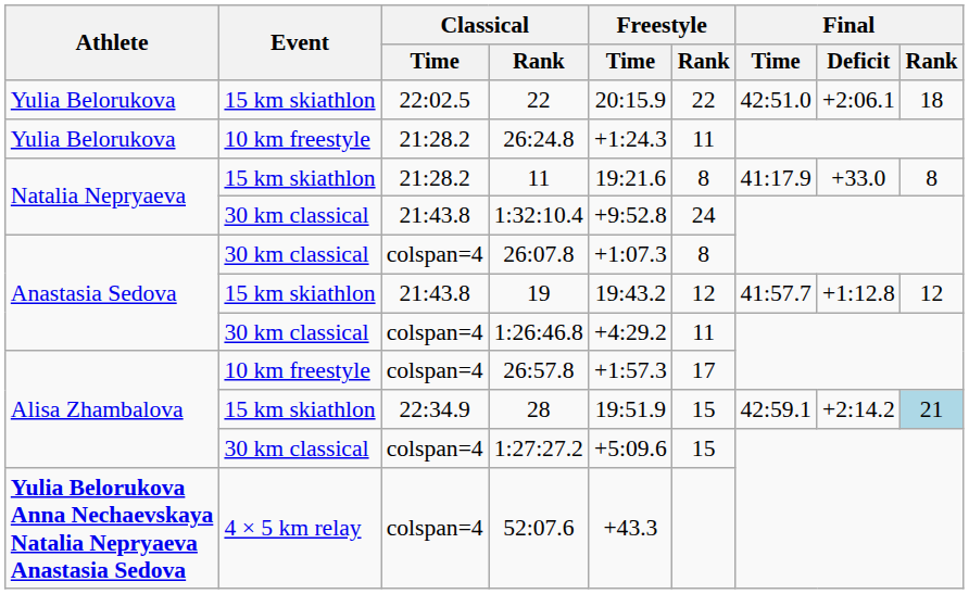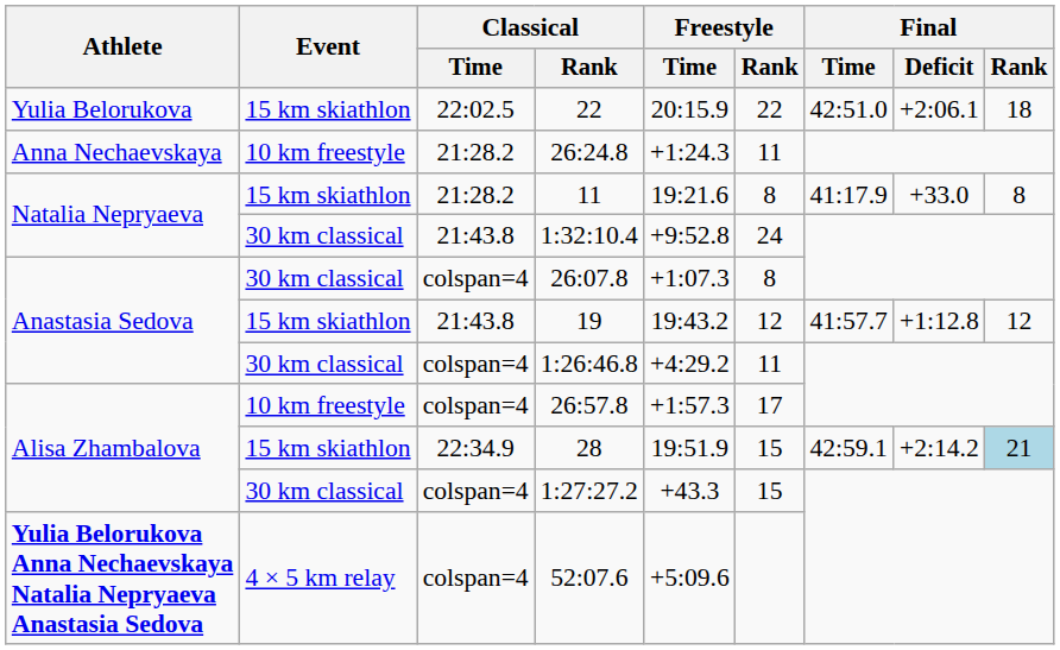 <table class="wikitable" style="font-size:90%">
 <tr>
 <th rowspan=2>Athlete</th>
 <th rowspan=2>Event</th>
 <th colspan=2>Classical</th>
 <th colspan=2>Freestyle</th>
 <th colspan=3>Final</th>
 </tr>
 <tr style="font-size: 95%">
 <th>Time</th>
 <th>Rank</th>
 <th>Time</th>
 <th>Rank</th>
 <th>Time</th>
 <th>Deficit</th>
 <th>Rank</th>
 </tr>
 <tr align=center>
 <td align=left><a href='#'>Yulia Belorukova</a></td>
 <td align=left><a href='#'>15 km skiathlon</a></td>
 <td>22:02.5</td>
 <td>22</td>
 <td>20:15.9</td>
 <td>22</td>
 <td>42:51.0</td>
 <td>+2:06.1</td>
 <td>18</td>
 </tr>
 <tr align=center>
-<td align=left><a href='#'>Yulia Belorukova</a></td>
+<td align=left><a href='#'>Anna Nechaevskaya</a></td>
 <td align=left><a href='#'>10 km freestyle</a></td>
 <td>21:28.2</td>
 <td>26:24.8</td>
 <td>+1:24.3</td>
 <td>11</td>
 </tr>
 <tr align=center>
 <td align=left rowspan=2><a href='#'>Natalia Nepryaeva</a></td>
 <td align=left><a href='#'>15 km skiathlon</a></td>
 <td>21:28.2</td>
 <td>11</td>
 <td>19:21.6</td>
 <td>8</td>
 <td>41:17.9</td>
 <td>+33.0</td>
 <td>8</td>
 </tr>
 <tr align=center>
 <td align=left><a href='#'>30 km classical</a></td>
 <td>21:43.8</td>
 <td>1:32:10.4</td>
 <td>+9:52.8</td>
 <td>24</td>
 </tr>
 <tr align=center>
 <td align=left rowspan=3><a href='#'>Anastasia Sedova</a></td>
 <td align=left><a href='#'>30 km classical</a></td>
 <td>colspan=4 </td>
 <td>26:07.8</td>
 <td>+1:07.3</td>
 <td>8</td>
 </tr>
 <tr align=center>
 <td align=left><a href='#'>15 km skiathlon</a></td>
 <td>21:43.8</td>
 <td>19</td>
 <td>19:43.2</td>
 <td>12</td>
 <td>41:57.7</td>
 <td>+1:12.8</td>
 <td>12</td>
 </tr>
 <tr align=center>
 <td align=left><a href='#'>30 km classical</a></td>
 <td>colspan=4 </td>
 <td>1:26:46.8</td>
 <td>+4:29.2</td>
 <td>11</td>
 </tr>
 <tr align=center>
 <td align=left rowspan=3><a href='#'>Alisa Zhambalova</a></td>
 <td align=left><a href='#'>10 km freestyle</a></td>
 <td>colspan=4 </td>
 <td>26:57.8</td>
 <td>+1:57.3</td>
 <td>17</td>
 </tr>
 <tr align=center>
 <td align=left><a href='#'>15 km skiathlon</a></td>
 <td>22:34.9</td>
 <td>28</td>
 <td>19:51.9</td>
 <td>15</td>
 <td>42:59.1</td>
 <td>+2:14.2</td>
 <td style="background: lightblue;">21</td>
 </tr>
 <tr align=center>
 <td align=left><a href='#'>30 km classical</a></td>
 <td>colspan=4 </td>
 <td>1:27:27.2</td>
-<td>+5:09.6</td>
+<td>+43.3</td>
 <td>15</td>
 </tr>
 <tr align=center>
 <td align=left><strong><a href='#'>Yulia Belorukova</a><br><a href='#'>Anna Nechaevskaya</a><br><a href='#'>Natalia Nepryaeva</a><br><a href='#'>Anastasia Sedova</a></strong></td>
 <td align=left><a href='#'>4 × 5 km relay</a></td>
 <td>colspan=4 </td>
 <td>52:07.6</td>
-<td>+43.3</td>
+<td>+5:09.6</td>
 <td></td>
 </tr>
 </table>
